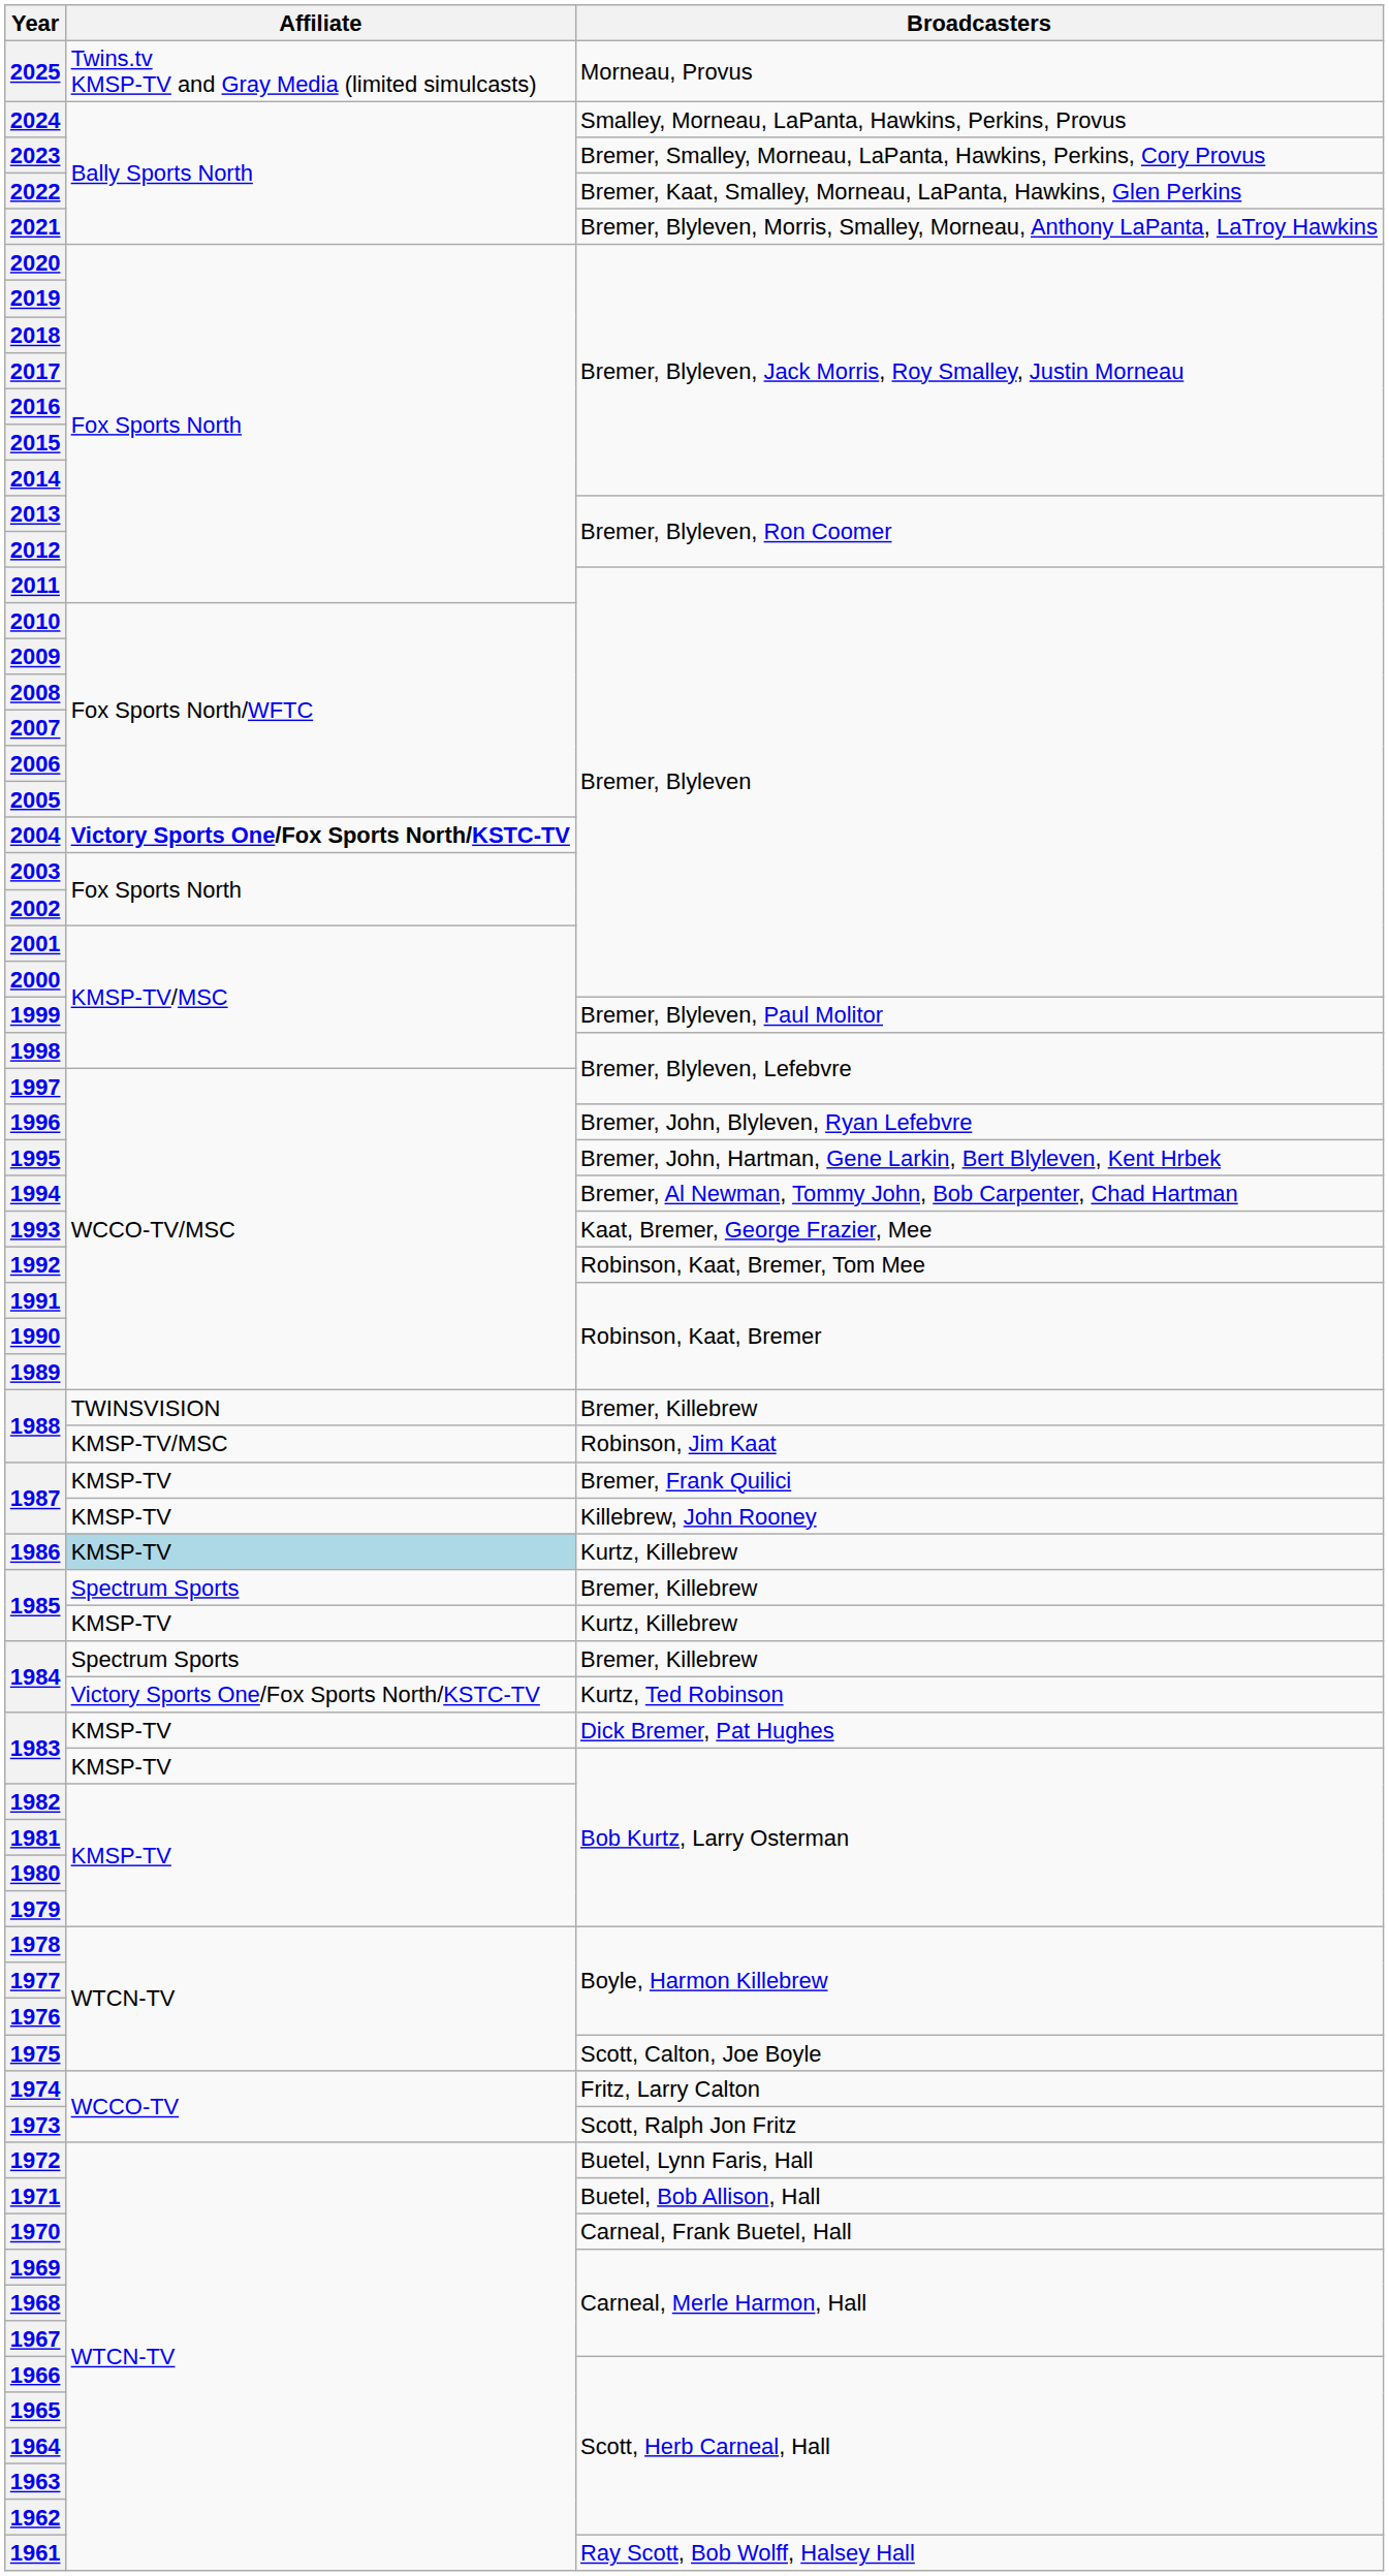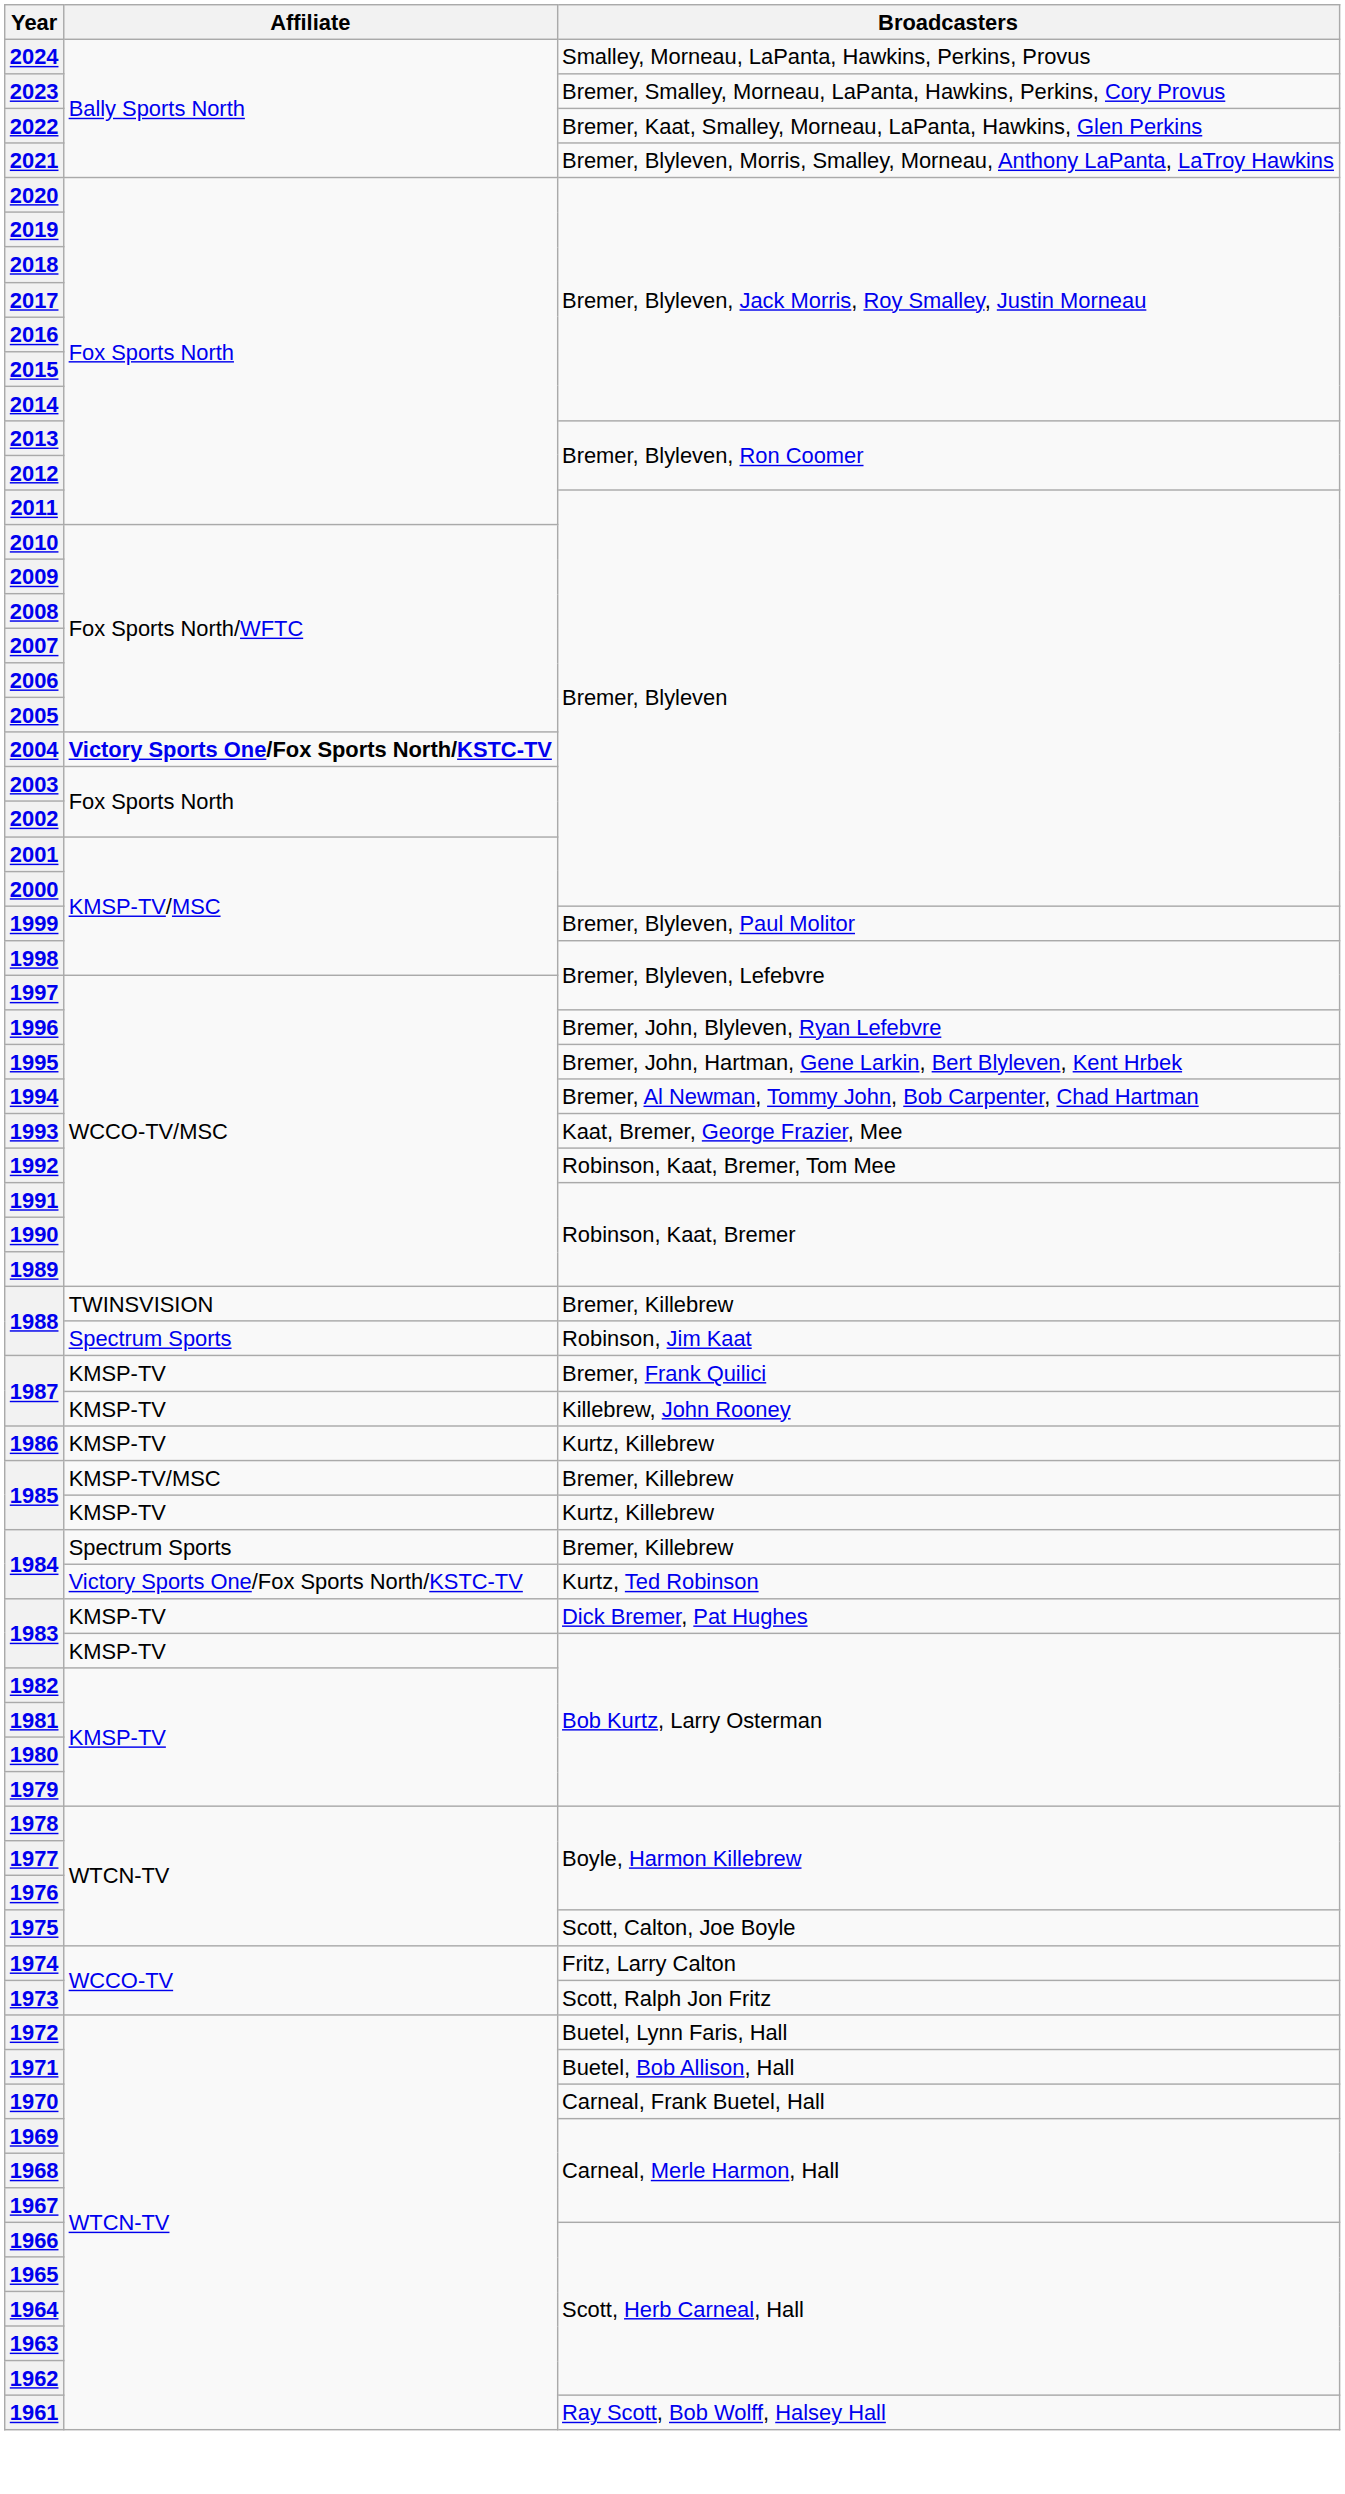 <table class="wikitable" style="font-size:95%">
 <tr>
 <th>Year</th>
 <th>Affiliate</th>
 <th>Broadcasters</th>
-</tr>
-<tr>
-<th><a href='#'>2025</a></th>
-<td><a href='#'>Twins.tv</a><br><a href='#'>KMSP-TV</a> and <a href='#'>Gray Media</a> (limited simulcasts) </td>
-<td>Morneau, Provus</td>
 </tr>
 <tr>
 <th><a href='#'>2024</a></th>
 <td rowspan=4><a href='#'>Bally Sports North</a></td>
 <td>Smalley, Morneau, LaPanta, Hawkins, Perkins, Provus</td>
 </tr>
 <tr>
 <th><a href='#'>2023</a></th>
 <td>Bremer, Smalley, Morneau, LaPanta, Hawkins, Perkins, <a href='#'>Cory Provus</a></td>
 </tr>
 <tr>
 <th><a href='#'>2022</a></th>
 <td>Bremer, Kaat, Smalley, Morneau, LaPanta, Hawkins, <a href='#'>Glen Perkins</a></td>
 </tr>
 <tr>
 <th><a href='#'>2021</a></th>
 <td>Bremer, Blyleven, Morris, Smalley, Morneau, <a href='#'>Anthony LaPanta</a>, <a href='#'>LaTroy Hawkins</a></td>
 </tr>
 <tr>
 <th><a href='#'>2020</a></th>
 <td rowspan="10"><a href='#'>Fox Sports North</a></td>
 <td rowspan="7">Bremer, Blyleven, <a href='#'>Jack Morris</a>, <a href='#'>Roy Smalley</a>, <a href='#'>Justin Morneau</a></td>
 </tr>
 <tr>
 <th><a href='#'>2019</a></th>
 </tr>
 <tr>
 <th><a href='#'>2018</a></th>
 </tr>
 <tr>
 <th><a href='#'>2017</a></th>
 </tr>
 <tr>
 <th><a href='#'>2016</a></th>
 </tr>
 <tr>
 <th><a href='#'>2015</a></th>
 </tr>
 <tr>
 <th><a href='#'>2014</a></th>
 </tr>
 <tr>
 <th><a href='#'>2013</a></th>
 <td rowspan="2">Bremer, Blyleven, <a href='#'>Ron Coomer</a></td>
 </tr>
 <tr>
 <th><a href='#'>2012</a></th>
 </tr>
 <tr>
 <th><a href='#'>2011</a></th>
 <td rowspan="12">Bremer, Blyleven</td>
 </tr>
 <tr>
 <th><a href='#'>2010</a></th>
 <td rowspan="6">Fox Sports North/<a href='#'>WFTC</a></td>
 </tr>
 <tr>
 <th><a href='#'>2009</a></th>
 </tr>
 <tr>
 <th><a href='#'>2008</a></th>
 </tr>
 <tr>
 <th><a href='#'>2007</a></th>
 </tr>
 <tr>
 <th><a href='#'>2006</a></th>
 </tr>
 <tr>
 <th><a href='#'>2005</a></th>
 </tr>
 <tr>
 <th><a href='#'>2004</a></th>
 <td><strong><a href='#'>Victory Sports One</a>/Fox Sports North/<a href='#'>KSTC-TV</a></strong></td>
 </tr>
 <tr>
 <th><a href='#'>2003</a></th>
 <td rowspan="2">Fox Sports North</td>
 </tr>
 <tr>
 <th><a href='#'>2002</a></th>
 </tr>
 <tr>
 <th><a href='#'>2001</a></th>
 <td rowspan="4"><a href='#'>KMSP-TV</a>/<a href='#'>MSC</a></td>
 </tr>
 <tr>
 <th><a href='#'>2000</a></th>
 </tr>
 <tr>
 <th><a href='#'>1999</a></th>
 <td>Bremer, Blyleven, <a href='#'>Paul Molitor</a></td>
 </tr>
 <tr>
 <th><a href='#'>1998</a></th>
 <td rowspan="2">Bremer, Blyleven, Lefebvre</td>
 </tr>
 <tr>
 <th><a href='#'>1997</a></th>
 <td rowspan="9">WCCO-TV/MSC</td>
 </tr>
 <tr>
 <th><a href='#'>1996</a></th>
 <td>Bremer, John, Blyleven, <a href='#'>Ryan Lefebvre</a></td>
 </tr>
 <tr>
 <th><a href='#'>1995</a></th>
 <td>Bremer, John, Hartman, <a href='#'>Gene Larkin</a>, <a href='#'>Bert Blyleven</a>, <a href='#'>Kent Hrbek</a></td>
 </tr>
 <tr>
 <th><a href='#'>1994</a></th>
 <td>Bremer, <a href='#'>Al Newman</a>, <a href='#'>Tommy John</a>, <a href='#'>Bob Carpenter</a>, <a href='#'>Chad Hartman</a></td>
 </tr>
 <tr>
 <th><a href='#'>1993</a></th>
 <td>Kaat, Bremer, <a href='#'>George Frazier</a>, Mee</td>
 </tr>
 <tr>
 <th><a href='#'>1992</a></th>
 <td>Robinson, Kaat, Bremer, Tom Mee</td>
 </tr>
 <tr>
 <th><a href='#'>1991</a></th>
 <td rowspan="3">Robinson, Kaat, Bremer</td>
 </tr>
 <tr>
 <th><a href='#'>1990</a></th>
 </tr>
 <tr>
 <th><a href='#'>1989</a></th>
 </tr>
 <tr>
 <th rowspan="2"><a href='#'>1988</a></th>
 <td>TWINSVISION</td>
 <td>Bremer, Killebrew</td>
 </tr>
 <tr>
-<td>KMSP-TV/MSC</td>
+<td><a href='#'>Spectrum Sports</a></td>
 <td>Robinson, <a href='#'>Jim Kaat</a></td>
 </tr>
 <tr>
 <th rowspan="2"><a href='#'>1987</a></th>
 <td>KMSP-TV</td>
 <td>Bremer, <a href='#'>Frank Quilici</a></td>
 </tr>
 <tr>
 <td>KMSP-TV</td>
 <td>Killebrew, <a href='#'>John Rooney</a></td>
 </tr>
 <tr>
 <th><a href='#'>1986</a></th>
-<td style="background: lightblue;">KMSP-TV</td>
+<td>KMSP-TV</td>
 <td>Kurtz, Killebrew</td>
 </tr>
 <tr>
 <th rowspan="2"><a href='#'>1985</a></th>
-<td><a href='#'>Spectrum Sports</a></td>
+<td>KMSP-TV/MSC</td>
 <td>Bremer, Killebrew</td>
 </tr>
 <tr>
 <td>KMSP-TV</td>
 <td>Kurtz, Killebrew</td>
 </tr>
 <tr>
 <th rowspan="2"><a href='#'>1984</a></th>
 <td>Spectrum Sports</td>
 <td>Bremer, Killebrew</td>
 </tr>
 <tr>
 <td><a href='#'>Victory Sports One</a>/Fox Sports North/<a href='#'>KSTC-TV</a></td>
 <td>Kurtz, <a href='#'>Ted Robinson</a></td>
 </tr>
 <tr>
 <th rowspan="3"><a href='#'>1983</a></th>
 <td>KMSP-TV</td>
 <td><a href='#'>Dick Bremer</a>, <a href='#'>Pat Hughes</a></td>
 </tr>
 <tr>
 <td>KMSP-TV</td>
 <td rowspan="6"><a href='#'>Bob Kurtz</a>, Larry Osterman</td>
 </tr>
 <tr>
 <td rowspan="5"><a href='#'>KMSP-TV</a></td>
 </tr>
 <tr>
 <th><a href='#'>1982</a></th>
 </tr>
 <tr>
 <th><a href='#'>1981</a></th>
 </tr>
 <tr>
 <th><a href='#'>1980</a></th>
 </tr>
 <tr>
 <th><a href='#'>1979</a></th>
 </tr>
 <tr>
 <th><a href='#'>1978</a></th>
 <td rowspan="4">WTCN-TV</td>
 <td rowspan="3">Boyle, <a href='#'>Harmon Killebrew</a></td>
 </tr>
 <tr>
 <th><a href='#'>1977</a></th>
 </tr>
 <tr>
 <th><a href='#'>1976</a></th>
 </tr>
 <tr>
 <th><a href='#'>1975</a></th>
 <td>Scott, Calton, Joe Boyle</td>
 </tr>
 <tr>
 <th><a href='#'>1974</a></th>
 <td rowspan="2"><a href='#'>WCCO-TV</a></td>
 <td>Fritz, Larry Calton</td>
 </tr>
 <tr>
 <th><a href='#'>1973</a></th>
 <td>Scott, Ralph Jon Fritz</td>
 </tr>
 <tr>
 <th><a href='#'>1972</a></th>
 <td rowspan="12"><a href='#'>WTCN-TV</a></td>
 <td>Buetel, Lynn Faris, Hall</td>
 </tr>
 <tr>
 <th><a href='#'>1971</a></th>
 <td>Buetel, <a href='#'>Bob Allison</a>, Hall</td>
 </tr>
 <tr>
 <th><a href='#'>1970</a></th>
 <td>Carneal, Frank Buetel, Hall</td>
 </tr>
 <tr>
 <th><a href='#'>1969</a></th>
 <td rowspan="3">Carneal, <a href='#'>Merle Harmon</a>, Hall</td>
 </tr>
 <tr>
 <th><a href='#'>1968</a></th>
 </tr>
 <tr>
 <th><a href='#'>1967</a></th>
 </tr>
 <tr>
 <th><a href='#'>1966</a></th>
 <td rowspan="5">Scott, <a href='#'>Herb Carneal</a>, Hall</td>
 </tr>
 <tr>
 <th><a href='#'>1965</a></th>
 </tr>
 <tr>
 <th><a href='#'>1964</a></th>
 </tr>
 <tr>
 <th><a href='#'>1963</a></th>
 </tr>
 <tr>
 <th><a href='#'>1962</a></th>
 </tr>
 <tr>
 <th><a href='#'>1961</a></th>
 <td><a href='#'>Ray Scott</a>, <a href='#'>Bob Wolff</a>, <a href='#'>Halsey Hall</a></td>
 </tr>
 </table>
